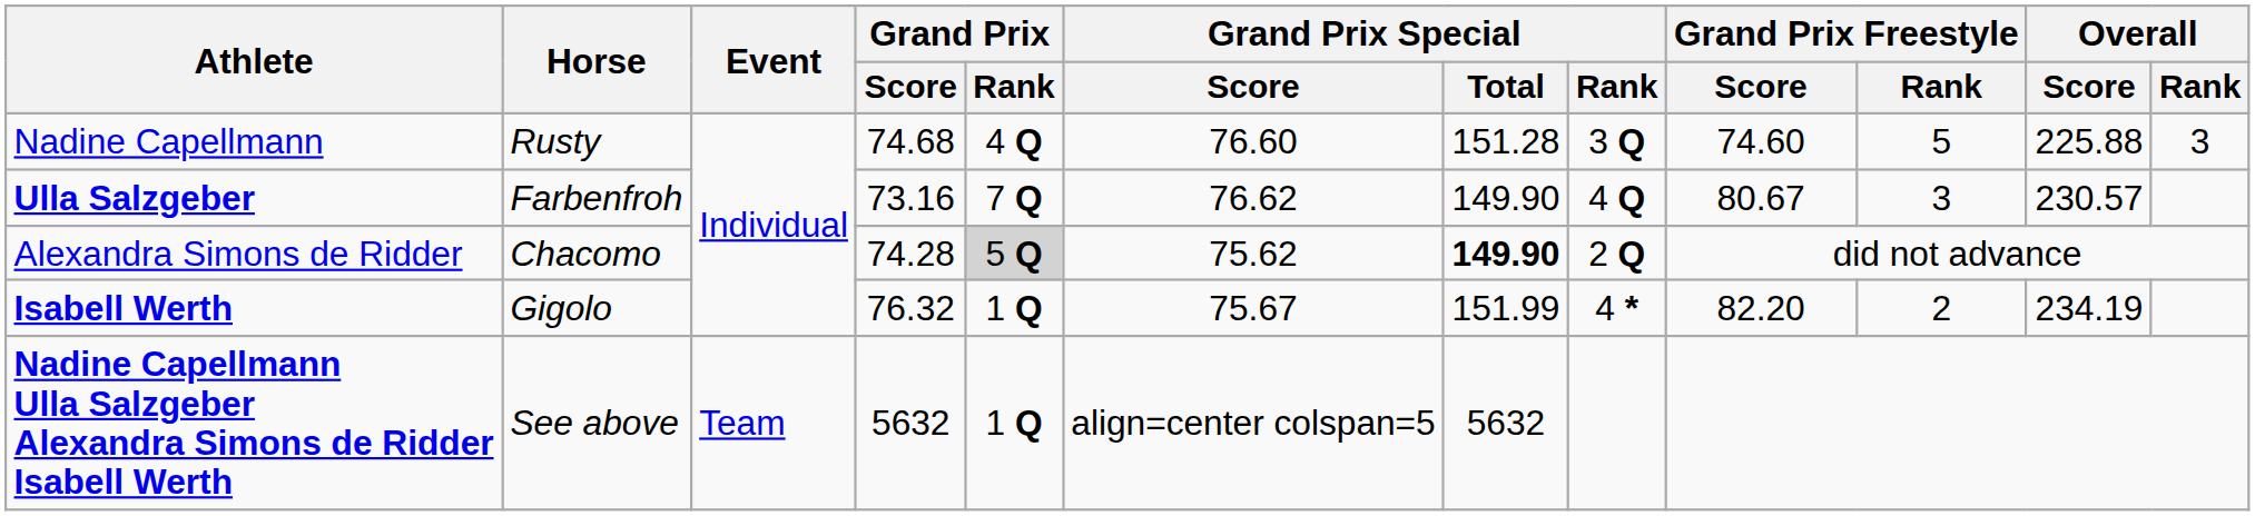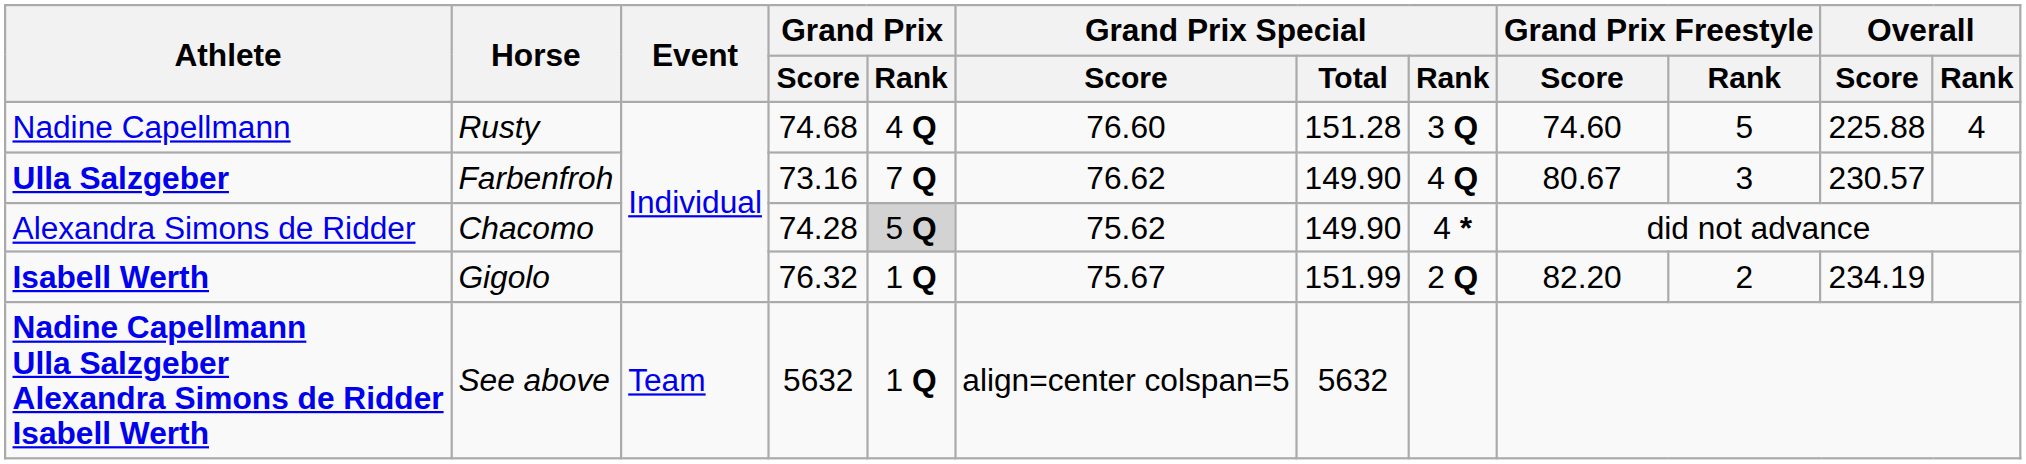 <table class=wikitable style="font-size:90%">
 <tr>
 <th rowspan="2">Athlete</th>
 <th rowspan="2">Horse</th>
 <th rowspan="2">Event</th>
 <th colspan="2">Grand Prix</th>
 <th colspan="3">Grand Prix Special</th>
 <th colspan="2">Grand Prix Freestyle</th>
 <th colspan="2">Overall</th>
 </tr>
 <tr style="font-size:95%">
 <th>Score</th>
 <th>Rank</th>
 <th>Score</th>
 <th>Total</th>
 <th>Rank</th>
 <th>Score</th>
 <th>Rank</th>
 <th>Score</th>
 <th>Rank</th>
 </tr>
 <tr>
 <td align=left><a href='#'>Nadine Capellmann</a></td>
 <td align=left><em>Rusty</em></td>
 <td align=left rowspan=4><a href='#'>Individual</a></td>
 <td align=center>74.68</td>
 <td align=center>4 <strong>Q</strong></td>
 <td align=center>76.60</td>
 <td align=center>151.28</td>
 <td align=center>3 <strong>Q</strong></td>
 <td align=center>74.60</td>
 <td align=center>5</td>
 <td align=center>225.88</td>
-<td align=center>3</td>
+<td align=center>4</td>
 </tr>
 <tr>
 <td align=left><strong><a href='#'>Ulla Salzgeber</a></strong></td>
 <td align=left><em>Farbenfroh</em></td>
 <td align=center>73.16</td>
 <td align=center>7 <strong>Q</strong></td>
 <td align=center>76.62</td>
 <td align=center>149.90</td>
 <td align=center>4 <strong>Q</strong></td>
 <td align=center>80.67</td>
 <td align=center>3</td>
 <td align=center>230.57</td>
 <td align=center></td>
 </tr>
 <tr>
 <td align=left><a href='#'>Alexandra Simons de Ridder</a></td>
 <td align=left><em>Chacomo</em></td>
 <td align=center>74.28</td>
 <td align=center style="background: lightgrey;">5 <strong>Q</strong></td>
 <td align=center>75.62</td>
-<td align=center><strong>149.90</strong></td>
-<td align=center>2 <strong>Q</strong></td>
+<td align=center>149.90</td>
+<td align=center>4 <strong>*</strong></td>
 <td align=center colspan=4>did not advance</td>
 </tr>
 <tr>
 <td align=left><strong><a href='#'>Isabell Werth</a></strong></td>
 <td align=left><em>Gigolo</em></td>
 <td align=center>76.32</td>
 <td align=center>1 <strong>Q</strong></td>
 <td align=center>75.67</td>
 <td align=center>151.99</td>
-<td align=center>4 <strong>*</strong></td>
+<td align=center>2 <strong>Q</strong></td>
 <td align=center>82.20</td>
 <td align=center>2</td>
 <td align=center>234.19</td>
 <td align=center></td>
 </tr>
 <tr>
 <td align=left><strong><a href='#'>Nadine Capellmann</a></strong><br> <strong><a href='#'>Ulla Salzgeber</a></strong><br> <strong><a href='#'>Alexandra Simons de Ridder</a></strong><br> <strong><a href='#'>Isabell Werth</a></strong></td>
 <td align=left><em>See above</em></td>
 <td align=left><a href='#'>Team</a></td>
 <td align=center>5632</td>
 <td align=center>1 <strong>Q</strong></td>
 <td>align=center colspan=5 </td>
 <td align=center>5632</td>
 <td align=center></td>
 </tr>
 </table>
